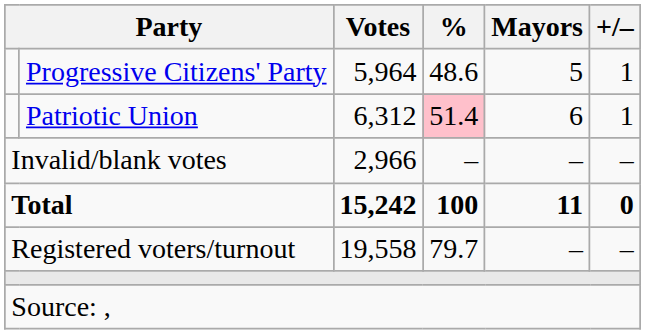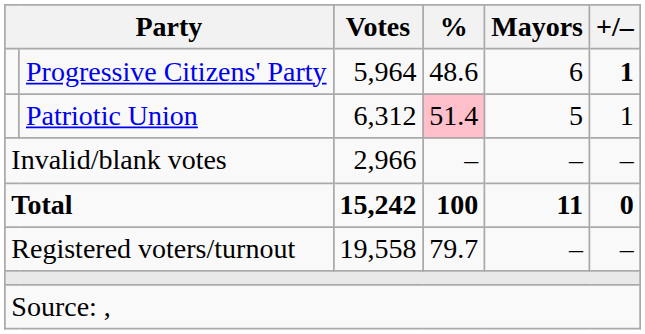 <table class="wikitable" style="text-align:right">
 <tr>
 <th colspan="2">Party</th>
 <th>Votes</th>
 <th>%</th>
 <th>Mayors</th>
 <th>+/–</th>
 </tr>
 <tr>
 <td width="1" style="color:inherit;background:"></td>
 <td align="left"><a href='#'>Progressive Citizens' Party</a></td>
 <td>5,964</td>
 <td>48.6</td>
-<td>5</td>
-<td> 1</td>
+<td>6</td>
+<td><strong> 1</strong></td>
 </tr>
 <tr>
 <td width="1" style="color:inherit;background:"></td>
 <td align="left"><a href='#'>Patriotic Union</a></td>
 <td>6,312</td>
 <td style="background: pink;">51.4</td>
-<td>6</td>
+<td>5</td>
 <td> 1</td>
 </tr>
 <tr>
 <td colspan="2" align="left">Invalid/blank votes</td>
 <td>2,966</td>
 <td>–</td>
 <td>–</td>
 <td>–</td>
 </tr>
 <tr>
 <td colspan="2" align="left"><strong>Total</strong></td>
 <td><strong>15,242</strong></td>
 <td><strong>100</strong></td>
 <td><strong>11</strong></td>
 <td><strong>0</strong></td>
 </tr>
 <tr>
 <td colspan="2" align="left">Registered voters/turnout</td>
 <td>19,558</td>
 <td>79.7</td>
 <td>–</td>
 <td>–</td>
 </tr>
 <tr>
 <td colspan="6" style="color:inherit;background:#E9E9E9"></td>
 </tr>
 <tr>
 <td colspan="6" align="left">Source: , </td>
 </tr>
 </table>
